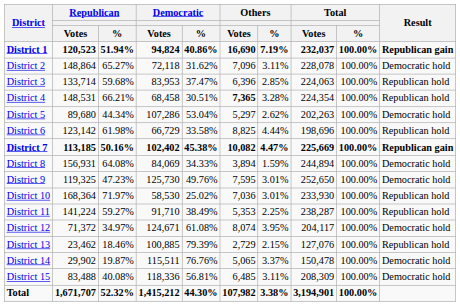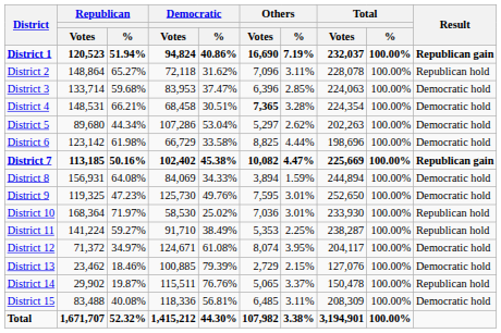 <table class="wikitable plainrowheaders sortable" style="font-size:100%; text-align:right;">
 <tr>
 <th scope=col rowspan=3><a href='#'>District</a></th>
 <th scope=col colspan=2><a href='#'>Republican</a></th>
 <th scope=col colspan=2><a href='#'>Democratic</a></th>
 <th scope=col colspan=2>Others</th>
 <th scope=col colspan=2>Total</th>
 <th scope=col rowspan=3>Result</th>
 </tr>
 <tr>
 <th scope=col colspan=2 style="background:"></th>
 <th scope=col colspan=2 style="background:"></th>
 <th scope=col colspan=2></th>
 <th scope=col colspan=2></th>
 </tr>
 <tr>
 <th scope=col data-sort-type="number">Votes</th>
 <th scope=col data-sort-type="number">%</th>
 <th scope=col data-sort-type="number">Votes</th>
 <th scope=col data-sort-type="number">%</th>
 <th scope=col data-sort-type="number">Votes</th>
 <th scope=col data-sort-type="number">%</th>
 <th scope=col data-sort-type="number">Votes</th>
 <th scope=col data-sort-type="number">%</th>
 </tr>
 <tr>
 <td align=left><strong><a href='#'>District 1</a></strong></td>
 <td><strong>120,523</strong></td>
 <td><strong>51.94%</strong></td>
 <td><strong>94,824</strong></td>
 <td><strong>40.86%</strong></td>
 <td><strong>16,690</strong></td>
 <td><strong>7.19%</strong></td>
 <td><strong>232,037</strong></td>
 <td><strong>100.00%</strong></td>
 <td align=left><strong>Republican gain</strong></td>
 </tr>
 <tr>
 <td align=left><a href='#'>District 2</a></td>
 <td>148,864</td>
 <td>65.27%</td>
 <td>72,118</td>
 <td>31.62%</td>
 <td>7,096</td>
 <td>3.11%</td>
 <td>228,078</td>
 <td>100.00%</td>
-<td align=left>Democratic hold</td>
+<td align=left>Republican hold</td>
 </tr>
 <tr>
 <td align=left><a href='#'>District 3</a></td>
 <td>133,714</td>
 <td>59.68%</td>
 <td>83,953</td>
 <td>37.47%</td>
 <td>6,396</td>
 <td>2.85%</td>
 <td>224,063</td>
 <td>100.00%</td>
-<td align=left>Republican hold</td>
+<td align=left>Democratic hold</td>
 </tr>
 <tr>
 <td align=left><a href='#'>District 4</a></td>
 <td>148,531</td>
 <td>66.21%</td>
 <td>68,458</td>
 <td>30.51%</td>
 <td><strong>7,365</strong></td>
 <td>3.28%</td>
 <td>224,354</td>
 <td>100.00%</td>
-<td align=left>Republican hold</td>
+<td align=left>Democratic hold</td>
 </tr>
 <tr>
 <td align=left><a href='#'>District 5</a></td>
 <td>89,680</td>
 <td>44.34%</td>
 <td>107,286</td>
 <td>53.04%</td>
 <td>5,297</td>
 <td>2.62%</td>
 <td>202,263</td>
 <td>100.00%</td>
 <td align=left>Democratic hold</td>
 </tr>
 <tr>
 <td align=left><a href='#'>District 6</a></td>
 <td>123,142</td>
 <td>61.98%</td>
 <td>66,729</td>
 <td>33.58%</td>
 <td>8,825</td>
 <td>4.44%</td>
 <td>198,696</td>
 <td>100.00%</td>
-<td align=left>Republican hold</td>
+<td align=left>Democratic hold</td>
 </tr>
 <tr>
 <td align=left><strong><a href='#'>District 7</a></strong></td>
 <td><strong>113,185</strong></td>
 <td><strong>50.16%</strong></td>
 <td><strong>102,402</strong></td>
 <td><strong>45.38%</strong></td>
 <td><strong>10,082</strong></td>
 <td><strong>4.47%</strong></td>
 <td><strong>225,669</strong></td>
 <td><strong>100.00%</strong></td>
 <td align=left><strong>Republican gain</strong></td>
 </tr>
 <tr>
 <td align=left><a href='#'>District 8</a></td>
 <td>156,931</td>
 <td>64.08%</td>
 <td>84,069</td>
 <td>34.33%</td>
 <td>3,894</td>
 <td>1.59%</td>
 <td>244,894</td>
 <td>100.00%</td>
 <td align=left>Democratic hold</td>
 </tr>
 <tr>
 <td align=left><a href='#'>District 9</a></td>
 <td>119,325</td>
 <td>47.23%</td>
 <td>125,730</td>
 <td>49.76%</td>
 <td>7,595</td>
 <td>3.01%</td>
 <td>252,650</td>
 <td>100.00%</td>
 <td align=left>Democratic hold</td>
 </tr>
 <tr>
 <td align=left><a href='#'>District 10</a></td>
 <td>168,364</td>
 <td>71.97%</td>
 <td>58,530</td>
 <td>25.02%</td>
 <td>7,036</td>
 <td>3.01%</td>
 <td>233,930</td>
 <td>100.00%</td>
 <td align=left>Republican hold</td>
 </tr>
 <tr>
 <td align=left><a href='#'>District 11</a></td>
 <td>141,224</td>
 <td>59.27%</td>
 <td>91,710</td>
 <td>38.49%</td>
 <td>5,353</td>
 <td>2.25%</td>
 <td>238,287</td>
 <td>100.00%</td>
 <td align=left>Republican hold</td>
 </tr>
 <tr>
 <td align=left><a href='#'>District 12</a></td>
 <td>71,372</td>
 <td>34.97%</td>
 <td>124,671</td>
 <td>61.08%</td>
 <td>8,074</td>
 <td>3.95%</td>
 <td>204,117</td>
 <td>100.00%</td>
 <td align=left>Democratic hold</td>
 </tr>
 <tr>
 <td align=left><a href='#'>District 13</a></td>
 <td>23,462</td>
 <td>18.46%</td>
 <td>100,885</td>
 <td>79.39%</td>
 <td>2,729</td>
 <td>2.15%</td>
 <td>127,076</td>
 <td>100.00%</td>
-<td align=left>Republican hold</td>
+<td align=left>Democratic hold</td>
 </tr>
 <tr>
 <td align=left><a href='#'>District 14</a></td>
 <td>29,902</td>
 <td>19.87%</td>
 <td>115,511</td>
 <td>76.76%</td>
 <td>5,065</td>
 <td>3.37%</td>
 <td>150,478</td>
 <td>100.00%</td>
-<td align=left>Democratic hold</td>
+<td align=left>Republican hold</td>
 </tr>
 <tr>
 <td align=left><a href='#'>District 15</a></td>
 <td>83,488</td>
 <td>40.08%</td>
 <td>118,336</td>
 <td>56.81%</td>
 <td>6,485</td>
 <td>3.11%</td>
 <td>208,309</td>
 <td>100.00%</td>
 <td align=left>Democratic hold</td>
 </tr>
 <tr class="sortbottom" style="font-weight:bold">
 <td align=left>Total</td>
 <td>1,671,707</td>
 <td>52.32%</td>
 <td>1,415,212</td>
 <td>44.30%</td>
 <td>107,982</td>
 <td>3.38%</td>
 <td>3,194,901</td>
 <td>100.00%</td>
 <td></td>
 </tr>
 </table>
